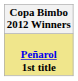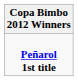 <table class="wikitable" style="text-align: center; margin: 0 auto;">
 <tr>
 <th>Copa Bimbo<br>2012 Winners</th>
 </tr>
 <tr>
-<td style="background: khaki;"><br><strong><a href='#'>Peñarol</a></strong><br><strong>1st title</strong></td>
+<td><br><strong><a href='#'>Peñarol</a></strong><br><strong>1st title</strong></td>
 </tr>
 </table>
